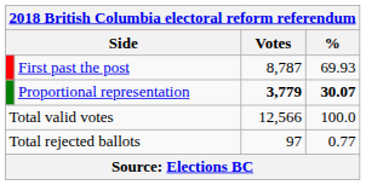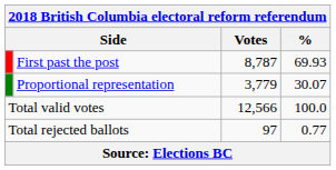 <table class="wikitable">
 <tr>
 <th colspan=4><a href='#'>2018 British Columbia electoral reform referendum</a></th>
 </tr>
 <tr>
 <th colspan=2>Side</th>
 <th>Votes</th>
 <th>%</th>
 </tr>
 <tr>
 <td bgcolor="red"></td>
 <td><a href='#'>First past the post</a></td>
 <td align="right">8,787</td>
 <td align="right">69.93</td>
 </tr>
 <tr>
 <td bgcolor="green"></td>
 <td><a href='#'>Proportional representation</a></td>
-<td align="right"><strong>3,779</strong></td>
-<td align="right"><strong>30.07</strong></td>
+<td align="right">3,779</td>
+<td align="right">30.07</td>
 </tr>
 <tr>
 <td colspan="2">Total valid votes</td>
 <td align="right">12,566</td>
 <td align="right">100.0</td>
 </tr>
 <tr>
 <td colspan="2">Total rejected ballots</td>
 <td align="right">97</td>
 <td align="right">0.77</td>
 </tr>
 <tr>
 <th colspan="4">Source: <a href='#'>Elections BC</a></th>
 </tr>
 </table>
